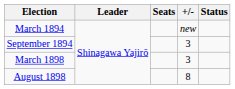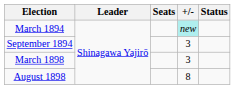 <table class="wikitable" style="text-align:center">
 <tr>
 <th>Election</th>
 <th>Leader</th>
 <th>Seats</th>
 <th>+/-</th>
 <th>Status</th>
 </tr>
 <tr>
 <td><a href='#'>March 1894</a></td>
 <td rowspan="4"><a href='#'>Shinagawa Yajirō</a></td>
 <td></td>
-<td><em>new</em></td>
+<td style="background: paleturquoise;"><em>new</em></td>
 <td></td>
 </tr>
 <tr>
 <td><a href='#'>September 1894</a></td>
 <td></td>
 <td> 3</td>
 <td></td>
 </tr>
 <tr>
 <td><a href='#'>March 1898</a></td>
 <td></td>
 <td> 3</td>
 <td></td>
 </tr>
 <tr>
 <td><a href='#'>August 1898</a></td>
 <td></td>
 <td> 8</td>
 <td></td>
 </tr>
 </table>
